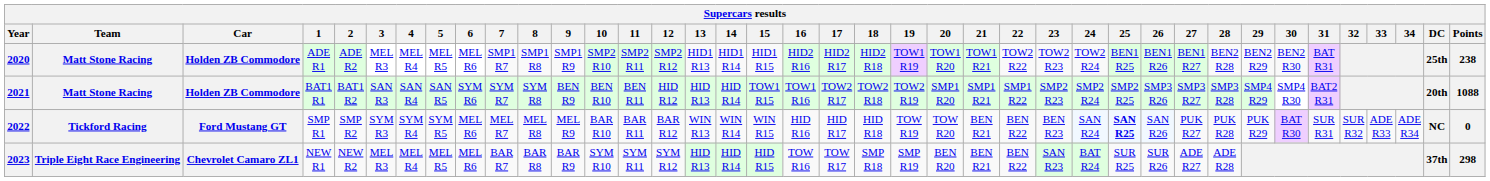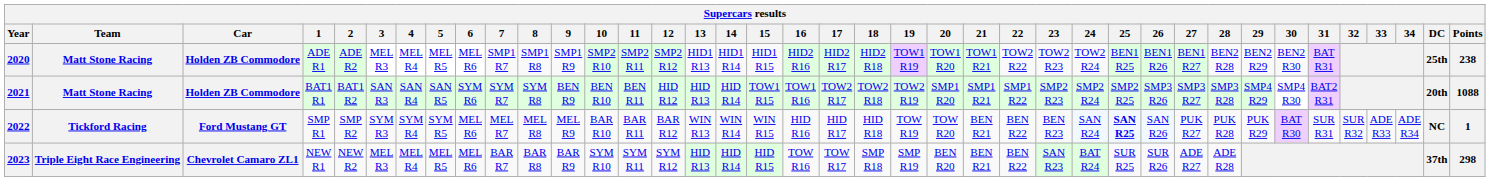 <table class="wikitable" style="text-align:center; font-size:75%">
 <tr>
 <th colspan=45><a href='#'>Supercars</a> results</th>
 </tr>
 <tr>
 <th>Year</th>
 <th>Team</th>
 <th>Car</th>
 <th>1</th>
 <th>2</th>
 <th>3</th>
 <th>4</th>
 <th>5</th>
 <th>6</th>
 <th>7</th>
 <th>8</th>
 <th>9</th>
 <th>10</th>
 <th>11</th>
 <th>12</th>
 <th>13</th>
 <th>14</th>
 <th>15</th>
 <th>16</th>
 <th>17</th>
 <th>18</th>
 <th>19</th>
 <th>20</th>
 <th>21</th>
 <th>22</th>
 <th>23</th>
 <th>24</th>
 <th>25</th>
 <th>26</th>
 <th>27</th>
 <th>28</th>
 <th>29</th>
 <th>30</th>
 <th>31</th>
 <th>32</th>
 <th>33</th>
 <th>34</th>
 <th>DC</th>
 <th>Points</th>
 </tr>
 <tr>
 <th><a href='#'>2020</a></th>
 <th nowrap><a href='#'>Matt Stone Racing</a></th>
 <th nowrap><a href='#'>Holden ZB Commodore</a></th>
 <td style=background:#dfffdf><a href='#'>ADE<br>R1</a><br></td>
 <td style=background:#dfffdf><a href='#'>ADE<br>R2</a><br></td>
 <td style=background:#ffffff><a href='#'>MEL<br>R3</a><br></td>
 <td style=background:#ffffff><a href='#'>MEL<br>R4</a><br></td>
 <td style=background:#ffffff><a href='#'>MEL<br>R5</a><br></td>
 <td style=background:#ffffff><a href='#'>MEL<br>R6</a><br></td>
 <td><a href='#'>SMP1<br>R7</a></td>
 <td><a href='#'>SMP1<br>R8</a></td>
 <td><a href='#'>SMP1<br>R9</a></td>
 <td style=background:#dfffdf><a href='#'>SMP2<br>R10</a><br></td>
 <td style=background:#dfffdf><a href='#'>SMP2<br>R11</a><br></td>
 <td style=background:#dfffdf><a href='#'>SMP2<br>R12</a><br></td>
 <td><a href='#'>HID1<br>R13</a></td>
 <td><a href='#'>HID1<br>R14</a></td>
 <td><a href='#'>HID1<br>R15</a></td>
 <td style=background:#dfffdf><a href='#'>HID2<br>R16</a><br></td>
 <td style=background:#dfffdf><a href='#'>HID2<br>R17</a><br></td>
 <td style=background:#dfffdf><a href='#'>HID2<br>R18</a><br></td>
 <td style=background:#efcfff><a href='#'>TOW1<br>R19</a><br></td>
 <td style=background:#dfffdf><a href='#'>TOW1<br>R20</a><br></td>
 <td style=background:#dfffdf><a href='#'>TOW1<br>R21</a><br></td>
 <td><a href='#'>TOW2<br>R22</a></td>
 <td><a href='#'>TOW2<br>R23</a></td>
 <td><a href='#'>TOW2<br>R24</a></td>
 <td style=background:#dfffdf><a href='#'>BEN1<br>R25</a><br></td>
 <td style=background:#dfffdf><a href='#'>BEN1<br>R26</a><br></td>
 <td style=background:#dfffdf><a href='#'>BEN1<br>R27</a><br></td>
 <td><a href='#'>BEN2<br>R28</a></td>
 <td><a href='#'>BEN2<br>R29</a></td>
 <td><a href='#'>BEN2<br>R30</a></td>
 <td style=background:#efcfff><a href='#'>BAT<br>R31</a><br></td>
 <th colspan=3></th>
 <th>25th</th>
 <th>238</th>
 </tr>
 <tr>
 <th><a href='#'>2021</a></th>
 <th nowrap><a href='#'>Matt Stone Racing</a></th>
 <th nowrap><a href='#'>Holden ZB Commodore</a></th>
 <td style=background:#dfffdf><a href='#'>BAT1<br>R1</a><br></td>
 <td style=background:#dfffdf><a href='#'>BAT1<br>R2</a><br></td>
 <td style=background:#dfffdf><a href='#'>SAN<br>R3</a><br></td>
 <td style=background:#dfffdf><a href='#'>SAN<br>R4</a><br></td>
 <td style=background:#dfffdf><a href='#'>SAN<br>R5</a><br></td>
 <td style=background:#dfffdf><a href='#'>SYM<br>R6</a><br></td>
 <td style=background:#dfffdf><a href='#'>SYM<br>R7</a><br></td>
 <td style=background:#dfffdf><a href='#'>SYM<br>R8</a><br></td>
 <td style=background:#dfffdf><a href='#'>BEN<br>R9</a><br></td>
 <td style=background:#dfffdf><a href='#'>BEN<br>R10</a><br></td>
 <td style=background:#dfffdf><a href='#'>BEN<br>R11</a><br></td>
 <td style=background:#dfffdf><a href='#'>HID<br>R12</a><br></td>
 <td style=background:#dfffdf><a href='#'>HID<br>R13</a><br></td>
 <td style=background:#dfffdf><a href='#'>HID<br>R14</a><br></td>
 <td style=background:#dfffdf><a href='#'>TOW1<br>R15</a><br></td>
 <td style=background:#dfffdf><a href='#'>TOW1<br>R16</a><br></td>
 <td style=background:#dfffdf><a href='#'>TOW2<br>R17</a><br></td>
 <td style=background:#dfffdf><a href='#'>TOW2<br>R18</a><br></td>
 <td style=background:#dfffdf><a href='#'>TOW2<br>R19</a><br></td>
 <td style=background:#dfffdf><a href='#'>SMP1<br>R20</a><br></td>
 <td style=background:#dfffdf><a href='#'>SMP1<br>R21</a><br></td>
 <td style=background:#dfffdf><a href='#'>SMP1<br>R22</a><br></td>
 <td style=background:#dfffdf><a href='#'>SMP2<br>R23</a><br></td>
 <td style=background:#dfffdf><a href='#'>SMP2<br>R24</a><br></td>
 <td style=background:#dfffdf><a href='#'>SMP2<br>R25</a><br></td>
 <td style=background:#dfffdf><a href='#'>SMP3<br>R26</a><br></td>
 <td style=background:#dfffdf><a href='#'>SMP3<br>R27</a><br></td>
 <td style=background:#dfffdf><a href='#'>SMP3<br>R28</a><br></td>
 <td style=background:#dfffdf><a href='#'>SMP4<br>R29</a><br></td>
 <td style=background:#ffffff><a href='#'>SMP4<br>R30</a><br></td>
 <td style=background:#efcfff><a href='#'>BAT2<br>R31</a><br></td>
 <th colspan=3></th>
 <th>20th</th>
 <th>1088</th>
 </tr>
 <tr>
 <th><a href='#'>2022</a></th>
 <th nowrap><a href='#'>Tickford Racing</a></th>
 <th nowrap><a href='#'>Ford Mustang GT</a></th>
 <td><a href='#'>SMP<br>R1</a></td>
 <td><a href='#'>SMP<br>R2</a></td>
 <td><a href='#'>SYM<br>R3</a></td>
 <td><a href='#'>SYM<br>R4</a></td>
 <td><a href='#'>SYM<br>R5</a></td>
 <td><a href='#'>MEL<br>R6</a></td>
 <td><a href='#'>MEL<br>R7</a></td>
 <td><a href='#'>MEL<br>R8</a></td>
 <td><a href='#'>MEL<br>R9</a></td>
 <td><a href='#'>BAR<br>R10</a></td>
 <td><a href='#'>BAR<br>R11</a></td>
 <td><a href='#'>BAR<br>R12</a></td>
 <td><a href='#'>WIN<br>R13</a></td>
 <td><a href='#'>WIN<br>R14</a></td>
 <td><a href='#'>WIN<br>R15</a></td>
 <td><a href='#'>HID<br>R16</a></td>
 <td><a href='#'>HID<br>R17</a></td>
 <td><a href='#'>HID<br>R18</a></td>
 <td><a href='#'>TOW<br>R19</a></td>
 <td><a href='#'>TOW<br>R20</a></td>
 <td><a href='#'>BEN<br>R21</a></td>
 <td><a href='#'>BEN<br>R22</a></td>
 <td><a href='#'>BEN<br>R23</a></td>
 <td style=background:#f1f8ff><a href='#'>SAN<br>R24</a><br></td>
 <td style=background:#f1f8ff><strong><a href='#'>SAN<br>R25</a><br></strong></td>
 <td style=background:#f1f8ff><a href='#'>SAN<br>R26</a><br></td>
 <td><a href='#'>PUK<br>R27</a></td>
 <td><a href='#'>PUK<br>R28</a></td>
 <td><a href='#'>PUK<br>R29</a></td>
 <td style=background:#efcfff><a href='#'>BAT<br>R30</a><br></td>
 <td><a href='#'>SUR<br>R31</a></td>
 <td><a href='#'>SUR<br>R32</a></td>
 <td><a href='#'>ADE<br>R33</a></td>
 <td><a href='#'>ADE<br>R34</a></td>
 <th>NC</th>
-<th>0</th>
+<th>1</th>
 </tr>
 <tr>
 <th><a href='#'>2023</a></th>
 <th nowrap><a href='#'>Triple Eight Race Engineering</a></th>
 <th nowrap><a href='#'>Chevrolet Camaro ZL1</a></th>
 <td><a href='#'>NEW<br>R1</a></td>
 <td><a href='#'>NEW<br>R2</a></td>
 <td><a href='#'>MEL<br>R3</a></td>
 <td><a href='#'>MEL<br>R4</a></td>
 <td><a href='#'>MEL<br>R5</a></td>
 <td><a href='#'>MEL<br>R6</a></td>
 <td><a href='#'>BAR<br>R7</a></td>
 <td><a href='#'>BAR<br>R8</a></td>
 <td><a href='#'>BAR<br>R9</a></td>
 <td><a href='#'>SYM<br>R10</a></td>
 <td><a href='#'>SYM<br>R11</a></td>
 <td><a href='#'>SYM<br>R12</a></td>
 <td style="background:#dfffdf"><a href='#'>HID<br>R13</a><br></td>
 <td style="background:#dfffdf"><a href='#'>HID<br>R14</a><br></td>
 <td style="background:#dfffdf"><a href='#'>HID<br>R15</a><br></td>
 <td><a href='#'>TOW<br>R16</a></td>
 <td><a href='#'>TOW<br>R17</a></td>
 <td><a href='#'>SMP<br>R18</a></td>
 <td><a href='#'>SMP<br>R19</a></td>
 <td><a href='#'>BEN<br>R20</a></td>
 <td><a href='#'>BEN<br>R21</a></td>
 <td><a href='#'>BEN<br>R22</a></td>
 <td style="background:#dfffdf"><a href='#'>SAN<br>R23</a><br></td>
 <td style="background:#dfffdf"><a href='#'>BAT<br>R24</a><br></td>
 <td><a href='#'>SUR<br>R25</a></td>
 <td><a href='#'>SUR<br>R26</a></td>
 <td><a href='#'>ADE<br>R27</a></td>
 <td><a href='#'>ADE<br>R28</a></td>
 <th colspan=6></th>
 <th style="background:">37th</th>
 <th style="background:">298</th>
 </tr>
 </table>
